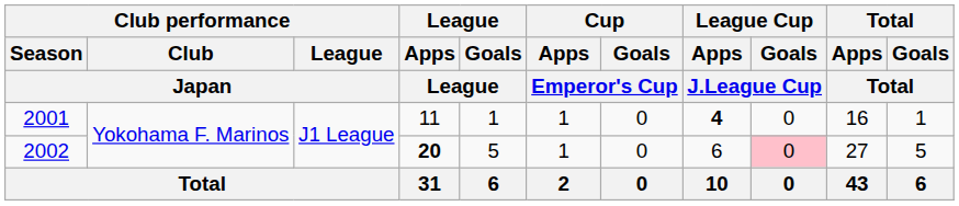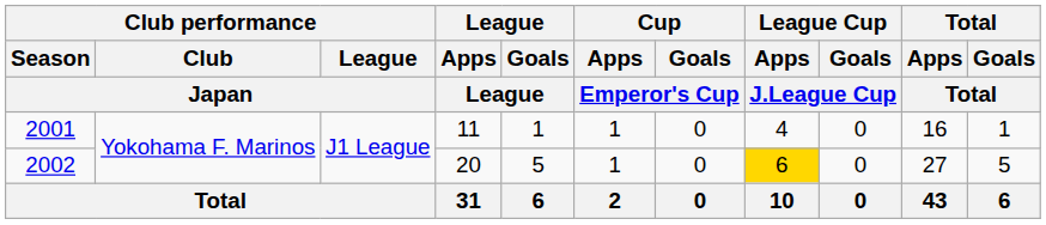 <table class="wikitable" style="text-align:center;">
 <tr>
 <th colspan=3>Club performance</th>
 <th colspan=2>League</th>
 <th colspan=2>Cup</th>
 <th colspan=2>League Cup</th>
 <th colspan=2>Total</th>
 </tr>
 <tr>
 <th>Season</th>
 <th>Club</th>
 <th>League</th>
 <th>Apps</th>
 <th>Goals</th>
 <th>Apps</th>
 <th>Goals</th>
 <th>Apps</th>
 <th>Goals</th>
 <th>Apps</th>
 <th>Goals</th>
 </tr>
 <tr>
 <th colspan=3>Japan</th>
 <th colspan=2>League</th>
 <th colspan=2><a href='#'>Emperor's Cup</a></th>
 <th colspan=2><a href='#'>J.League Cup</a></th>
 <th colspan=2>Total</th>
 </tr>
 <tr>
 <td><a href='#'>2001</a></td>
 <td rowspan="2"><a href='#'>Yokohama F. Marinos</a></td>
 <td rowspan="2"><a href='#'>J1 League</a></td>
 <td>11</td>
 <td>1</td>
 <td>1</td>
 <td>0</td>
-<td><strong>4</strong></td>
+<td>4</td>
 <td>0</td>
 <td>16</td>
 <td>1</td>
 </tr>
 <tr>
 <td><a href='#'>2002</a></td>
-<td><strong>20</strong></td>
+<td>20</td>
 <td>5</td>
 <td>1</td>
 <td>0</td>
-<td>6</td>
-<td style="background: pink;">0</td>
+<td style="background: gold;">6</td>
+<td>0</td>
 <td>27</td>
 <td>5</td>
 </tr>
 <tr>
 <th colspan=3>Total</th>
 <th>31</th>
 <th>6</th>
 <th>2</th>
 <th>0</th>
 <th>10</th>
 <th>0</th>
 <th>43</th>
 <th>6</th>
 </tr>
 </table>
